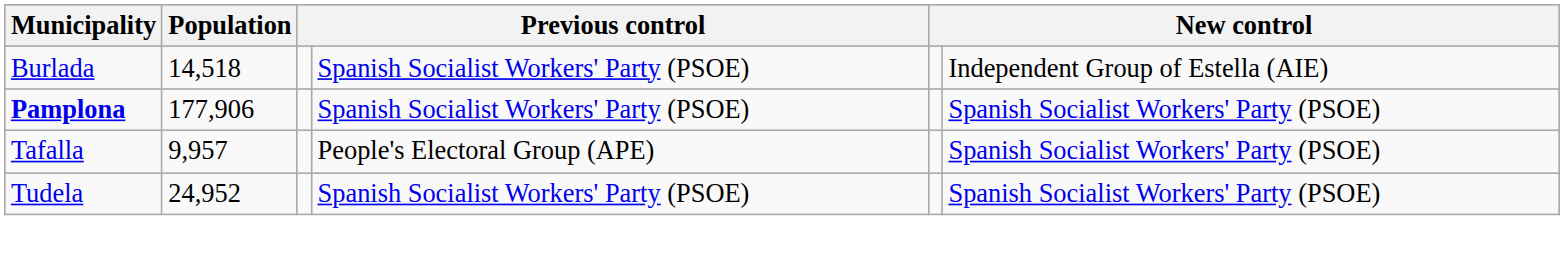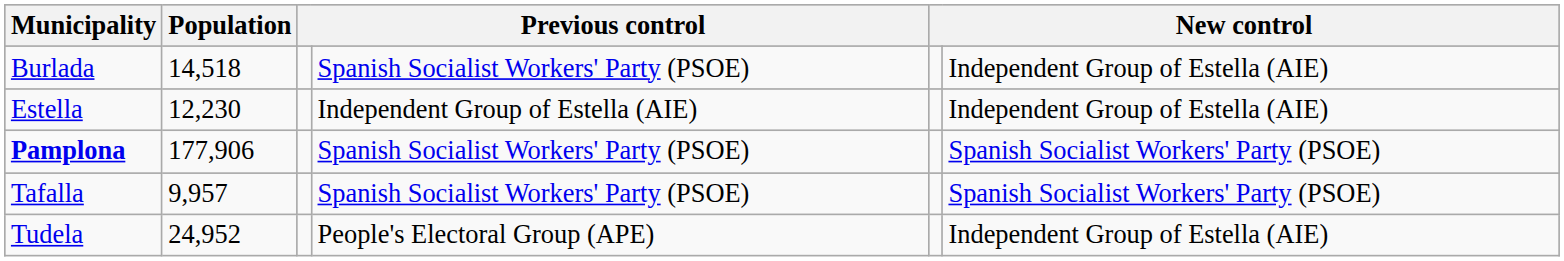 <table class="wikitable sortable">
 <tr>
 <th>Municipality</th>
 <th>Population</th>
 <th colspan="2" style="width:375px;">Previous control</th>
 <th colspan="2" style="width:375px;">New control</th>
 </tr>
 <tr>
 <td><a href='#'>Burlada</a></td>
 <td>14,518</td>
 <td width="1" style="color:inherit;background:"></td>
 <td><a href='#'>Spanish Socialist Workers' Party</a> (PSOE)</td>
 <td width="1" style="color:inherit;background:"></td>
 <td>Independent Group of Estella (AIE)</td>
 </tr>
 <tr>
+<td><a href='#'>Estella</a></td>
+<td>12,230</td>
+<td style="color:inherit;background:"></td>
+<td>Independent Group of Estella (AIE)</td>
+<td style="color:inherit;background:"></td>
+<td>Independent Group of Estella (AIE)</td>
+</tr>
+<tr>
 <td><strong><a href='#'>Pamplona</a></strong></td>
 <td>177,906</td>
 <td style="color:inherit;background:"></td>
 <td><a href='#'>Spanish Socialist Workers' Party</a> (PSOE)</td>
 <td style="color:inherit;background:"></td>
 <td><a href='#'>Spanish Socialist Workers' Party</a> (PSOE)</td>
 </tr>
 <tr>
 <td><a href='#'>Tafalla</a></td>
 <td>9,957</td>
 <td style="color:inherit;background:"></td>
-<td>People's Electoral Group (APE)</td>
+<td><a href='#'>Spanish Socialist Workers' Party</a> (PSOE)</td>
 <td style="color:inherit;background:"></td>
 <td><a href='#'>Spanish Socialist Workers' Party</a> (PSOE)</td>
 </tr>
 <tr>
 <td><a href='#'>Tudela</a></td>
 <td>24,952</td>
 <td style="color:inherit;background:"></td>
-<td><a href='#'>Spanish Socialist Workers' Party</a> (PSOE)</td>
+<td>People's Electoral Group (APE)</td>
 <td style="color:inherit;background:"></td>
-<td><a href='#'>Spanish Socialist Workers' Party</a> (PSOE)</td>
+<td>Independent Group of Estella (AIE)</td>
 </tr>
 </table>
